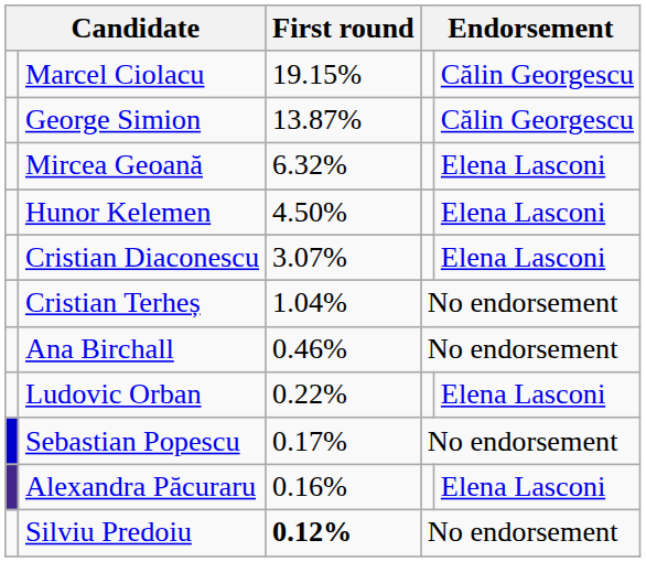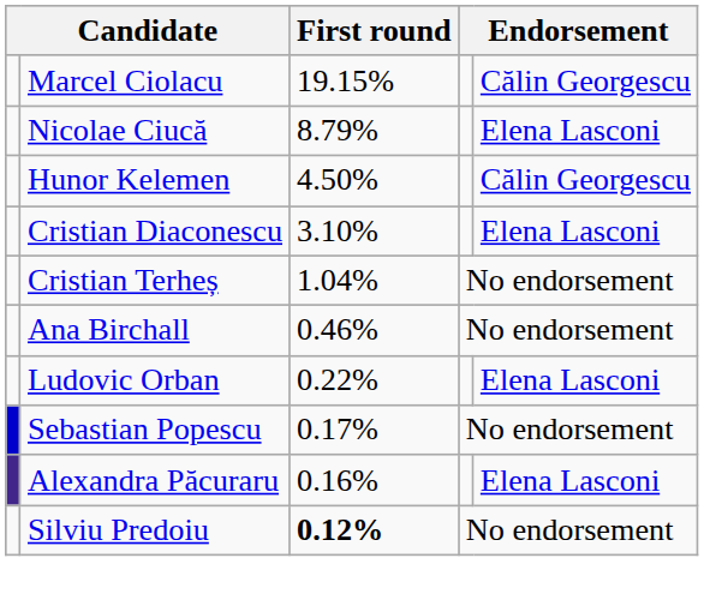 <table class="wikitable sortable">
 <tr>
 <th colspan="2">Candidate</th>
 <th>First round</th>
 <th colspan="2">Endorsement</th>
 </tr>
 <tr>
 <td style="background-color: "></td>
 <td><a href='#'>Marcel Ciolacu</a></td>
 <td>19.15%</td>
 <td style="background-color: "></td>
 <td><a href='#'>Călin Georgescu</a></td>
 </tr>
 <tr>
 <td style="background-color: "></td>
-<td><a href='#'>George Simion</a></td>
-<td>13.87%</td>
-<td style="background-color: "></td>
-<td><a href='#'>Călin Georgescu</a></td>
-</tr>
-<tr>
-<td style="background-color: "></td>
-<td><a href='#'>Mircea Geoană</a></td>
-<td>6.32%</td>
+<td><a href='#'>Nicolae Ciucă</a></td>
+<td>8.79%</td>
 <td style="background-color: "></td>
 <td><a href='#'>Elena Lasconi</a></td>
 </tr>
 <tr>
 <td style="background-color: "></td>
 <td><a href='#'>Hunor Kelemen</a></td>
 <td>4.50%</td>
 <td style="background-color: "></td>
-<td><a href='#'>Elena Lasconi</a></td>
+<td><a href='#'>Călin Georgescu</a></td>
 </tr>
 <tr>
 <td style="background-color: "></td>
 <td><a href='#'>Cristian Diaconescu</a></td>
-<td>3.07%</td>
+<td>3.10%</td>
 <td style="background-color: "></td>
 <td><a href='#'>Elena Lasconi</a></td>
 </tr>
 <tr>
 <td style="background-color: "></td>
 <td><a href='#'>Cristian Terheș</a></td>
 <td>1.04%</td>
 <td colspan=2>No endorsement</td>
 </tr>
 <tr>
 <td style="background-color: "></td>
 <td><a href='#'>Ana Birchall</a></td>
 <td>0.46%</td>
 <td colspan=2>No endorsement</td>
 </tr>
 <tr>
 <td style="background-color: "></td>
 <td><a href='#'>Ludovic Orban</a></td>
 <td>0.22%</td>
 <td style="background-color: "></td>
 <td><a href='#'>Elena Lasconi</a></td>
 </tr>
 <tr>
 <td bgcolor="MediumBlue"></td>
 <td><a href='#'>Sebastian Popescu</a></td>
 <td>0.17%</td>
 <td colspan=2>No endorsement</td>
 </tr>
 <tr>
 <td style="background-color: #42268A;"></td>
 <td><a href='#'>Alexandra Păcuraru</a></td>
 <td>0.16%</td>
 <td style="background-color: "></td>
 <td><a href='#'>Elena Lasconi</a></td>
 </tr>
 <tr>
 <td style="background-color: "></td>
 <td><a href='#'>Silviu Predoiu</a></td>
 <td><strong>0.12%</strong></td>
 <td colspan=2>No endorsement</td>
 </tr>
 </table>
